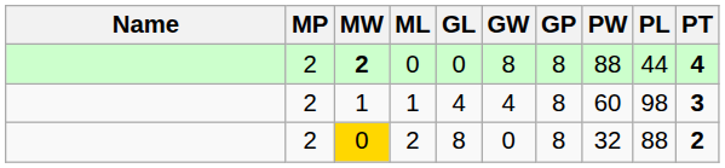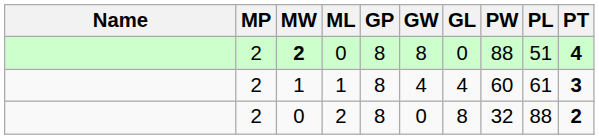 <table class=wikitable style="text-align:center">
 <tr>
 <th width=175>Name</th>
 <th width=20>MP</th>
 <th width=20>MW</th>
 <th width=20>ML</th>
+<th width=20>GP</th>
+<th width=20>GW</th>
 <th width=20>GL</th>
-<th width=20>GW</th>
-<th width=20>GP</th>
 <th width=20>PW</th>
 <th width=20>PL</th>
 <th width=20>PT</th>
 </tr>
 <tr style="background-color:#ccffcc;">
 <td style="text-align:left;"><strong></strong></td>
 <td>2</td>
 <td><strong>2</strong></td>
 <td>0</td>
-<td>0</td>
 <td>8</td>
 <td>8</td>
+<td>0</td>
 <td>88</td>
-<td>44</td>
+<td>51</td>
 <td><strong>4</strong></td>
 </tr>
 <tr>
 <td style="text-align:left;"></td>
 <td>2</td>
 <td>1</td>
 <td>1</td>
+<td>8</td>
 <td>4</td>
 <td>4</td>
-<td>8</td>
 <td>60</td>
-<td>98</td>
+<td>61</td>
 <td><strong>3</strong></td>
 </tr>
 <tr>
 <td style="text-align:left;"></td>
 <td>2</td>
-<td style="background: gold;">0</td>
+<td>0</td>
 <td>2</td>
 <td>8</td>
 <td>0</td>
 <td>8</td>
 <td>32</td>
 <td>88</td>
 <td><strong>2</strong></td>
 </tr>
 </table>
